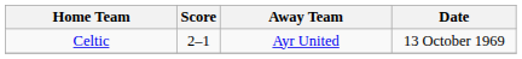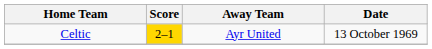 <table class="wikitable" style="text-align:center;">
 <tr>
 <th width=175>Home Team</th>
 <th width=20>Score</th>
 <th width=175>Away Team</th>
 <th width= 125>Date</th>
 </tr>
 <tr>
 <td><a href='#'>Celtic</a></td>
-<td>2–1</td>
+<td style="background: gold;">2–1</td>
 <td><a href='#'>Ayr United</a></td>
 <td>13 October 1969</td>
 </tr>
 <tr>
 </tr>
 </table>
